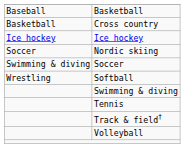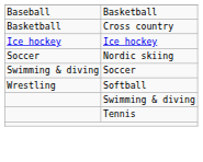 <table class="wikitable" style=" ">
 <tr>
 </tr>
 <tr>
 <td>Baseball</td>
 <td>Basketball</td>
 </tr>
 <tr>
 <td>Basketball</td>
 <td>Cross country</td>
 </tr>
 <tr>
 <td><a href='#'>Ice hockey</a></td>
 <td><a href='#'>Ice hockey</a></td>
 </tr>
 <tr>
 <td>Soccer</td>
 <td>Nordic skiing</td>
 </tr>
 <tr>
 <td>Swimming & diving</td>
 <td>Soccer</td>
 </tr>
 <tr>
 <td>Wrestling</td>
 <td>Softball</td>
 </tr>
 <tr>
 <td></td>
 <td>Swimming & diving</td>
 </tr>
 <tr>
 <td></td>
 <td>Tennis</td>
 </tr>
 <tr>
-<td></td>
-<td>Track & field<sup>†</sup></td>
-</tr>
-<tr>
-<td></td>
-<td>Volleyball</td>
-</tr>
-<tr>
 <td colspan="2"></td>
 </tr>
 </table>
